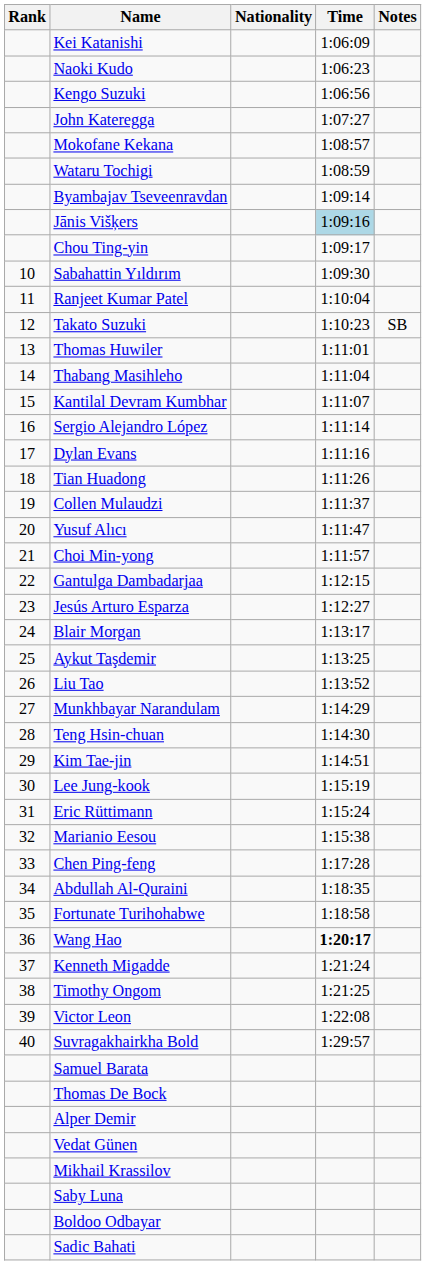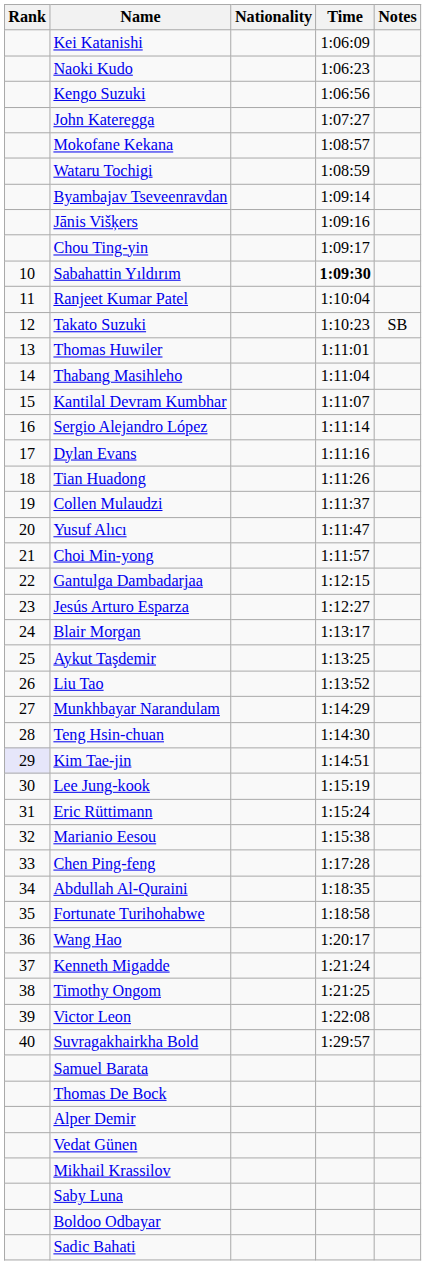 <table class="wikitable sortable" style="text-align:center">
 <tr>
 <th>Rank</th>
 <th>Name</th>
 <th>Nationality</th>
 <th>Time</th>
 <th>Notes</th>
 </tr>
 <tr>
 <td></td>
 <td align=left><a href='#'>Kei Katanishi</a></td>
 <td align=left></td>
 <td>1:06:09</td>
 <td></td>
 </tr>
 <tr>
 <td></td>
 <td align=left><a href='#'>Naoki Kudo</a></td>
 <td align=left></td>
 <td>1:06:23</td>
 <td></td>
 </tr>
 <tr>
 <td></td>
 <td align=left><a href='#'>Kengo Suzuki</a></td>
 <td align=left></td>
 <td>1:06:56</td>
 <td></td>
 </tr>
 <tr>
 <td></td>
 <td align=left><a href='#'>John Kateregga</a></td>
 <td align=left></td>
 <td>1:07:27</td>
 <td></td>
 </tr>
 <tr>
 <td></td>
 <td align=left><a href='#'>Mokofane Kekana</a></td>
 <td align=left></td>
 <td>1:08:57</td>
 <td></td>
 </tr>
 <tr>
 <td></td>
 <td align=left><a href='#'>Wataru Tochigi</a></td>
 <td align=left></td>
 <td>1:08:59</td>
 <td></td>
 </tr>
 <tr>
 <td></td>
 <td align=left><a href='#'>Byambajav Tseveenravdan</a></td>
 <td align=left></td>
 <td>1:09:14</td>
 <td></td>
 </tr>
 <tr>
 <td></td>
 <td align=left><a href='#'>Jānis Višķers</a></td>
 <td align=left></td>
-<td style="background: lightblue;">1:09:16</td>
+<td>1:09:16</td>
 <td></td>
 </tr>
 <tr>
 <td></td>
 <td align=left><a href='#'>Chou Ting-yin</a></td>
 <td align=left></td>
 <td>1:09:17</td>
 <td></td>
 </tr>
 <tr>
 <td>10</td>
 <td align=left><a href='#'>Sabahattin Yıldırım</a></td>
 <td align=left></td>
-<td>1:09:30</td>
+<td><strong>1:09:30</strong></td>
 <td></td>
 </tr>
 <tr>
 <td>11</td>
 <td align=left><a href='#'>Ranjeet Kumar Patel</a></td>
 <td align=left></td>
 <td>1:10:04</td>
 <td></td>
 </tr>
 <tr>
 <td>12</td>
 <td align=left><a href='#'>Takato Suzuki</a></td>
 <td align=left></td>
 <td>1:10:23</td>
 <td>SB</td>
 </tr>
 <tr>
 <td>13</td>
 <td align=left><a href='#'>Thomas Huwiler</a></td>
 <td align=left></td>
 <td>1:11:01</td>
 <td></td>
 </tr>
 <tr>
 <td>14</td>
 <td align=left><a href='#'>Thabang Masihleho</a></td>
 <td align=left></td>
 <td>1:11:04</td>
 <td></td>
 </tr>
 <tr>
 <td>15</td>
 <td align=left><a href='#'>Kantilal Devram Kumbhar</a></td>
 <td align=left></td>
 <td>1:11:07</td>
 <td></td>
 </tr>
 <tr>
 <td>16</td>
 <td align=left><a href='#'>Sergio Alejandro López</a></td>
 <td align=left></td>
 <td>1:11:14</td>
 <td></td>
 </tr>
 <tr>
 <td>17</td>
 <td align=left><a href='#'>Dylan Evans</a></td>
 <td align=left></td>
 <td>1:11:16</td>
 <td></td>
 </tr>
 <tr>
 <td>18</td>
 <td align=left><a href='#'>Tian Huadong</a></td>
 <td align=left></td>
 <td>1:11:26</td>
 <td></td>
 </tr>
 <tr>
 <td>19</td>
 <td align=left><a href='#'>Collen Mulaudzi</a></td>
 <td align=left></td>
 <td>1:11:37</td>
 <td></td>
 </tr>
 <tr>
 <td>20</td>
 <td align=left><a href='#'>Yusuf Alıcı</a></td>
 <td align=left></td>
 <td>1:11:47</td>
 <td></td>
 </tr>
 <tr>
 <td>21</td>
 <td align=left><a href='#'>Choi Min-yong</a></td>
 <td align=left></td>
 <td>1:11:57</td>
 <td></td>
 </tr>
 <tr>
 <td>22</td>
 <td align=left><a href='#'>Gantulga Dambadarjaa</a></td>
 <td align=left></td>
 <td>1:12:15</td>
 <td></td>
 </tr>
 <tr>
 <td>23</td>
 <td align=left><a href='#'>Jesús Arturo Esparza</a></td>
 <td align=left></td>
 <td>1:12:27</td>
 <td></td>
 </tr>
 <tr>
 <td>24</td>
 <td align=left><a href='#'>Blair Morgan</a></td>
 <td align=left></td>
 <td>1:13:17</td>
 <td></td>
 </tr>
 <tr>
 <td>25</td>
 <td align=left><a href='#'>Aykut Taşdemir</a></td>
 <td align=left></td>
 <td>1:13:25</td>
 <td></td>
 </tr>
 <tr>
 <td>26</td>
 <td align=left><a href='#'>Liu Tao</a></td>
 <td align=left></td>
 <td>1:13:52</td>
 <td></td>
 </tr>
 <tr>
 <td>27</td>
 <td align=left><a href='#'>Munkhbayar Narandulam</a></td>
 <td align=left></td>
 <td>1:14:29</td>
 <td></td>
 </tr>
 <tr>
 <td>28</td>
 <td align=left><a href='#'>Teng Hsin-chuan</a></td>
 <td align=left></td>
 <td>1:14:30</td>
 <td></td>
 </tr>
 <tr>
-<td>29</td>
+<td style="background: lavender;">29</td>
 <td align=left><a href='#'>Kim Tae-jin</a></td>
 <td align=left></td>
 <td>1:14:51</td>
 <td></td>
 </tr>
 <tr>
 <td>30</td>
 <td align=left><a href='#'>Lee Jung-kook</a></td>
 <td align=left></td>
 <td>1:15:19</td>
 <td></td>
 </tr>
 <tr>
 <td>31</td>
 <td align=left><a href='#'>Eric Rüttimann</a></td>
 <td align=left></td>
 <td>1:15:24</td>
 <td></td>
 </tr>
 <tr>
 <td>32</td>
 <td align=left><a href='#'>Marianio Eesou</a></td>
 <td align=left></td>
 <td>1:15:38</td>
 <td></td>
 </tr>
 <tr>
 <td>33</td>
 <td align=left><a href='#'>Chen Ping-feng</a></td>
 <td align=left></td>
 <td>1:17:28</td>
 <td></td>
 </tr>
 <tr>
 <td>34</td>
 <td align=left><a href='#'>Abdullah Al-Quraini</a></td>
 <td align=left></td>
 <td>1:18:35</td>
 <td></td>
 </tr>
 <tr>
 <td>35</td>
 <td align=left><a href='#'>Fortunate Turihohabwe</a></td>
 <td align=left></td>
 <td>1:18:58</td>
 <td></td>
 </tr>
 <tr>
 <td>36</td>
 <td align=left><a href='#'>Wang Hao</a></td>
 <td align=left></td>
-<td><strong>1:20:17</strong></td>
+<td>1:20:17</td>
 <td></td>
 </tr>
 <tr>
 <td>37</td>
 <td align=left><a href='#'>Kenneth Migadde</a></td>
 <td align=left></td>
 <td>1:21:24</td>
 <td></td>
 </tr>
 <tr>
 <td>38</td>
 <td align=left><a href='#'>Timothy Ongom</a></td>
 <td align=left></td>
 <td>1:21:25</td>
 <td></td>
 </tr>
 <tr>
 <td>39</td>
 <td align=left><a href='#'>Victor Leon</a></td>
 <td align=left></td>
 <td>1:22:08</td>
 <td></td>
 </tr>
 <tr>
 <td>40</td>
 <td align=left><a href='#'>Suvragakhairkha Bold</a></td>
 <td align=left></td>
 <td>1:29:57</td>
 <td></td>
 </tr>
 <tr>
 <td></td>
 <td align=left><a href='#'>Samuel Barata</a></td>
 <td align=left></td>
 <td></td>
 <td></td>
 </tr>
 <tr>
 <td></td>
 <td align=left><a href='#'>Thomas De Bock</a></td>
 <td align=left></td>
 <td></td>
 <td></td>
 </tr>
 <tr>
 <td></td>
 <td align=left><a href='#'>Alper Demir</a></td>
 <td align=left></td>
 <td></td>
 <td></td>
 </tr>
 <tr>
 <td></td>
 <td align=left><a href='#'>Vedat Günen</a></td>
 <td align=left></td>
 <td></td>
 <td></td>
 </tr>
 <tr>
 <td></td>
 <td align=left><a href='#'>Mikhail Krassilov</a></td>
 <td align=left></td>
 <td></td>
 <td></td>
 </tr>
 <tr>
 <td></td>
 <td align=left><a href='#'>Saby Luna</a></td>
 <td align=left></td>
 <td></td>
 <td></td>
 </tr>
 <tr>
 <td></td>
 <td align=left><a href='#'>Boldoo Odbayar</a></td>
 <td align=left></td>
 <td></td>
 <td></td>
 </tr>
 <tr>
 <td></td>
 <td align=left><a href='#'>Sadic Bahati</a></td>
 <td align=left></td>
 <td></td>
 <td></td>
 </tr>
 </table>
